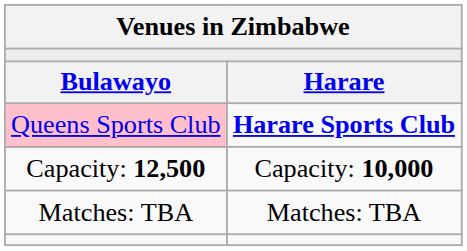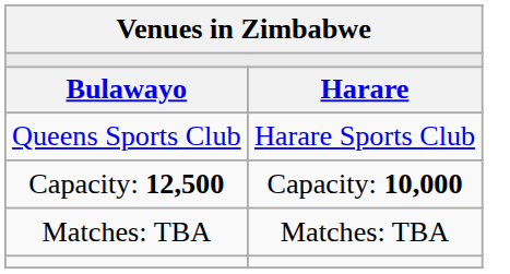 <table class="wikitable" style="text-align:center;font-size:90%">
 <tr>
 <th colspan="2">Venues in Zimbabwe</th>
 </tr>
 <tr>
 <td style="background:#ececec;color:#2C2C2C;vertical-align:middle;" colspan="3"></td>
 </tr>
 <tr>
 <th><a href='#'>Bulawayo</a></th>
 <th><a href='#'>Harare</a></th>
 </tr>
 <tr>
-<td style="background: pink;"><a href='#'>Queens Sports Club</a></td>
-<td><strong><a href='#'>Harare Sports Club</a></strong></td>
+<td><a href='#'>Queens Sports Club</a></td>
+<td><a href='#'>Harare Sports Club</a></td>
 </tr>
 <tr>
 <td>Capacity: <strong>12,500</strong></td>
 <td>Capacity: <strong>10,000</strong></td>
 </tr>
 <tr>
 <td>Matches: TBA</td>
 <td>Matches: TBA</td>
 </tr>
 <tr>
 <td></td>
 <td></td>
 </tr>
 </table>
